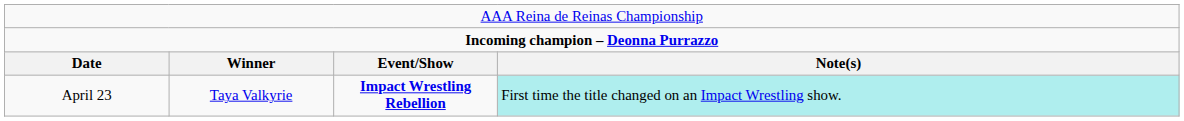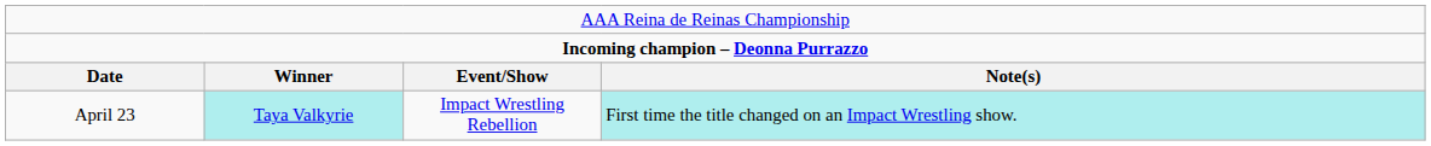 <table class="wikitable" style="text-align:center; width:100%;">
 <tr>
 <td colspan="4" style="text-align: center;"><a href='#'>AAA Reina de Reinas Championship</a></td>
 </tr>
 <tr>
 <td colspan="4" style="text-align: center;"><strong>Incoming champion – <a href='#'>Deonna Purrazzo</a></strong></td>
 </tr>
 <tr>
 <th width=14%>Date</th>
 <th width=14%>Winner</th>
 <th width=14%>Event/Show</th>
 <th width=58%>Note(s)</th>
 </tr>
 <tr>
 <td>April 23</td>
-<td><a href='#'>Taya Valkyrie</a></td>
-<td><strong><a href='#'>Impact Wrestling Rebellion</a></strong></td>
+<td style="background: paleturquoise;"><a href='#'>Taya Valkyrie</a></td>
+<td><a href='#'>Impact Wrestling Rebellion</a></td>
 <td align=left style="background: paleturquoise;">First time the title changed on an <a href='#'>Impact Wrestling</a> show.</td>
 </tr>
 </table>
